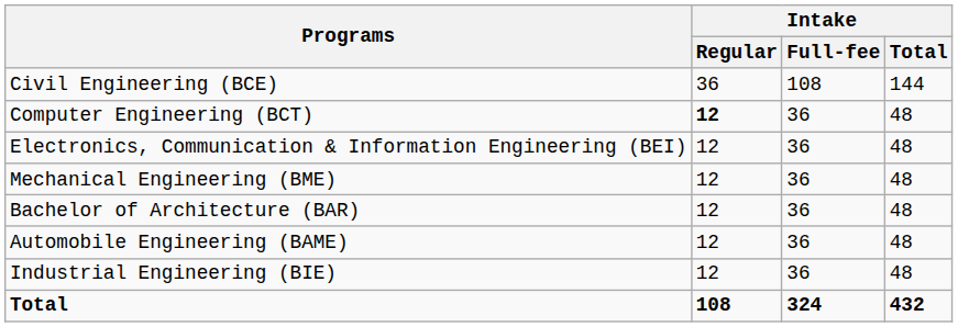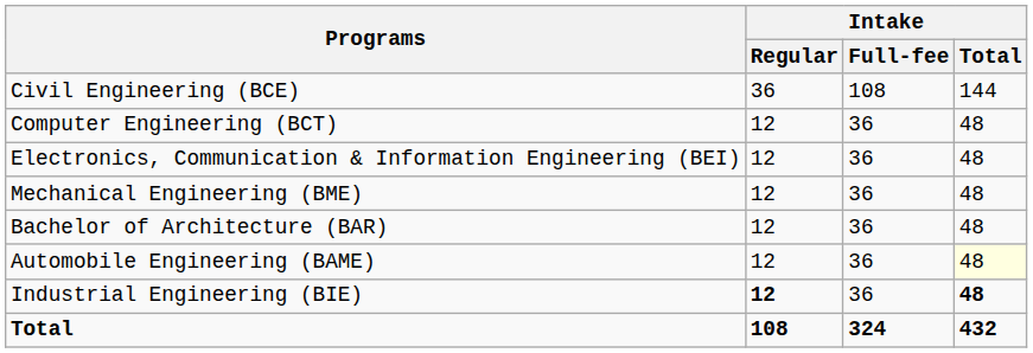 <table class="wikitable sortable">
 <tr>
 <th rowspan="2">Programs</th>
 <th colspan="3">Intake</th>
 </tr>
 <tr>
 <th>Regular</th>
 <th>Full-fee</th>
 <th>Total</th>
 </tr>
 <tr>
 <td>Civil Engineering (BCE)</td>
 <td>36</td>
 <td>108</td>
 <td>144</td>
 </tr>
 <tr>
 <td>Computer Engineering (BCT)</td>
-<td><strong>12</strong></td>
+<td>12</td>
 <td>36</td>
 <td>48</td>
 </tr>
 <tr>
 <td>Electronics, Communication & Information Engineering (BEI)</td>
 <td>12</td>
 <td>36</td>
 <td>48</td>
 </tr>
 <tr>
 <td>Mechanical Engineering (BME)</td>
 <td>12</td>
 <td>36</td>
 <td>48</td>
 </tr>
 <tr>
 <td>Bachelor of Architecture (BAR)</td>
 <td>12</td>
 <td>36</td>
 <td>48</td>
 </tr>
 <tr>
 <td>Automobile Engineering (BAME)</td>
 <td>12</td>
 <td>36</td>
-<td>48</td>
+<td style="background: lightyellow;">48</td>
 </tr>
 <tr>
 <td>Industrial Engineering (BIE)</td>
-<td>12</td>
+<td><strong>12</strong></td>
 <td>36</td>
-<td>48</td>
+<td><strong>48</strong></td>
 </tr>
 <tr>
 <td><strong>Total</strong></td>
 <td><strong>108</strong></td>
 <td><strong>324</strong></td>
 <td><strong>432</strong></td>
 </tr>
 </table>
